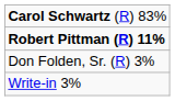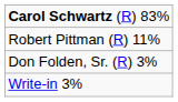 <table class="wikitable">
 <tr>
 <td><strong>Carol Schwartz</strong> (<a href='#'>R</a>) 83%</td>
 </tr>
 <tr>
-<td><strong>Robert Pittman (<a href='#'>R</a>) 11%</strong></td>
+<td>Robert Pittman (<a href='#'>R</a>) 11%</td>
 </tr>
 <tr>
 <td>Don Folden, Sr. (<a href='#'>R</a>) 3%</td>
 </tr>
 <tr>
 <td><a href='#'>Write-in</a> 3%</td>
 </tr>
 </table>
